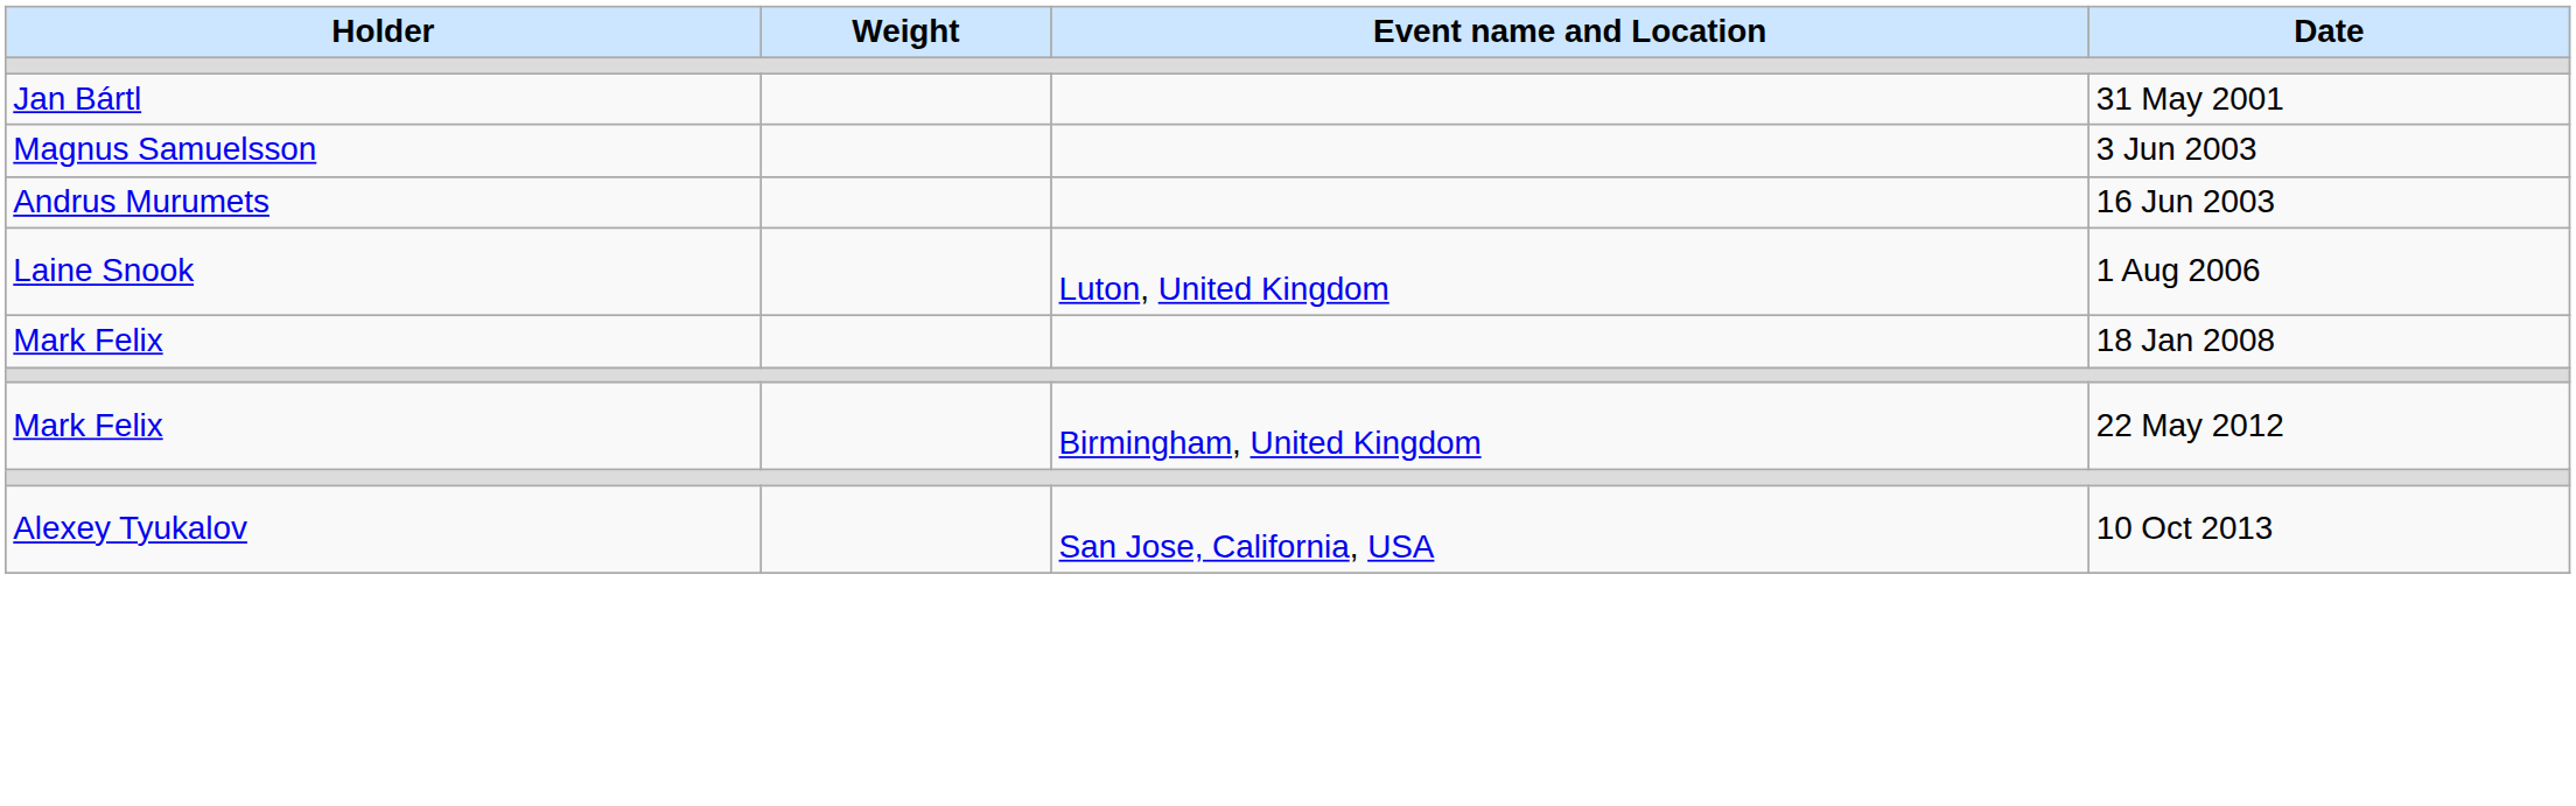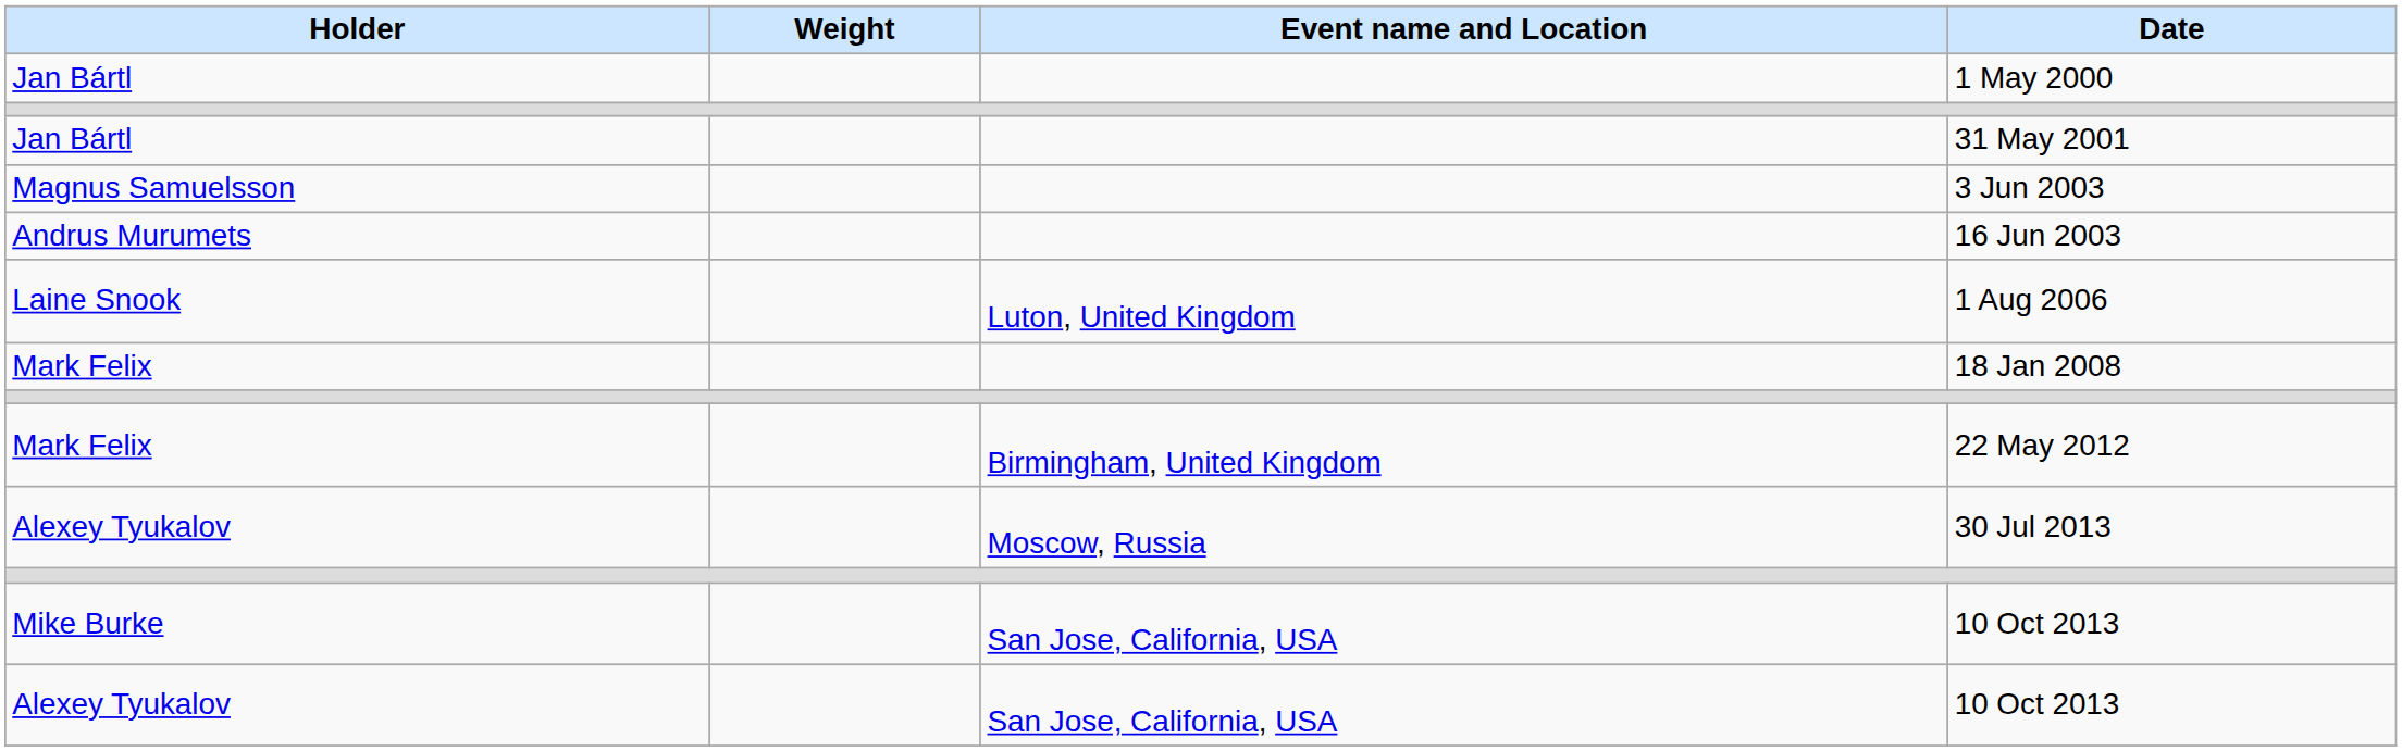 <table class="wikitable" style="display: inline-table;width: 100%;">
 <tr>
 <th style="background: #cce6ff;">Holder</th>
 <th style="background: #cce6ff;">Weight</th>
 <th style="background: #cce6ff;">Event name and Location</th>
 <th style="background: #cce6ff;">Date</th>
+</tr>
+<tr>
+<td> <a href='#'>Jan Bártl</a></td>
+<td></td>
+<td></td>
+<td>1 May 2000</td>
 </tr>
 <tr>
 <td colspan=4 align=center style="background: #DCDCDC;"></td>
 </tr>
 <tr>
 <td> <a href='#'>Jan Bártl</a></td>
 <td></td>
 <td></td>
 <td>31 May 2001</td>
 </tr>
 <tr>
 <td> <a href='#'>Magnus Samuelsson</a></td>
 <td></td>
 <td></td>
 <td>3 Jun 2003</td>
 </tr>
 <tr>
 <td> <a href='#'>Andrus Murumets</a></td>
 <td></td>
 <td></td>
 <td>16 Jun 2003</td>
 </tr>
 <tr>
 <td> <a href='#'>Laine Snook</a></td>
 <td></td>
 <td><br> <a href='#'>Luton</a>, <a href='#'>United Kingdom</a></td>
 <td>1 Aug 2006</td>
 </tr>
 <tr>
 <td> <a href='#'>Mark Felix</a></td>
 <td></td>
 <td></td>
 <td>18 Jan 2008</td>
 </tr>
 <tr>
 <td colspan=4 align=center style="background: #DCDCDC;"></td>
 </tr>
 <tr>
 <td> <a href='#'>Mark Felix</a></td>
 <td></td>
 <td><br> <a href='#'>Birmingham</a>, <a href='#'>United Kingdom</a></td>
 <td>22 May 2012</td>
 </tr>
 <tr>
+<td> <a href='#'>Alexey Tyukalov</a></td>
+<td></td>
+<td><br> <a href='#'>Moscow</a>, <a href='#'>Russia</a></td>
+<td>30 Jul 2013</td>
+</tr>
+<tr>
 <td colspan=4 align=center style="background: #DCDCDC;"></td>
+</tr>
+<tr>
+<td> <a href='#'>Mike Burke</a></td>
+<td></td>
+<td><br> <a href='#'>San Jose, California</a>, <a href='#'>USA</a></td>
+<td>10 Oct 2013</td>
 </tr>
 <tr>
 <td> <a href='#'>Alexey Tyukalov</a></td>
 <td></td>
 <td><br> <a href='#'>San Jose, California</a>, <a href='#'>USA</a></td>
 <td>10 Oct 2013</td>
 </tr>
 </table>
